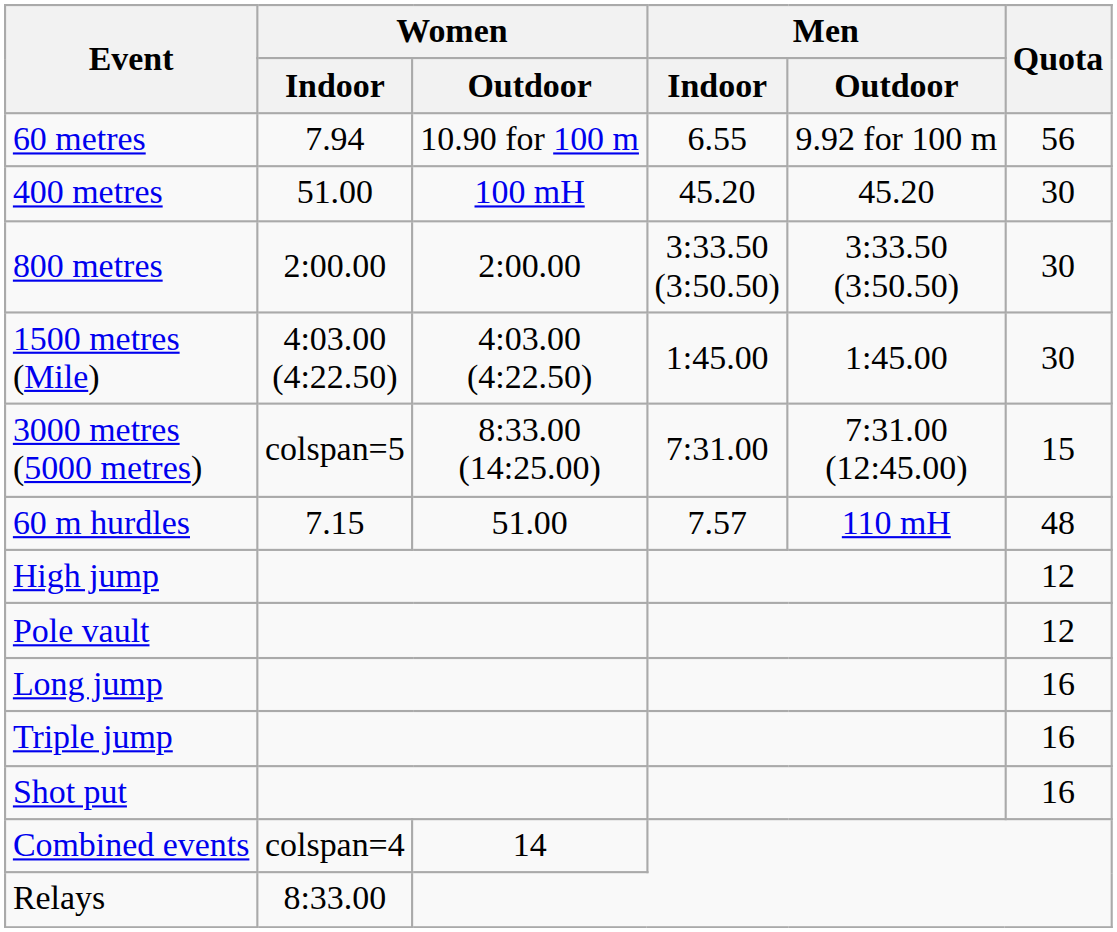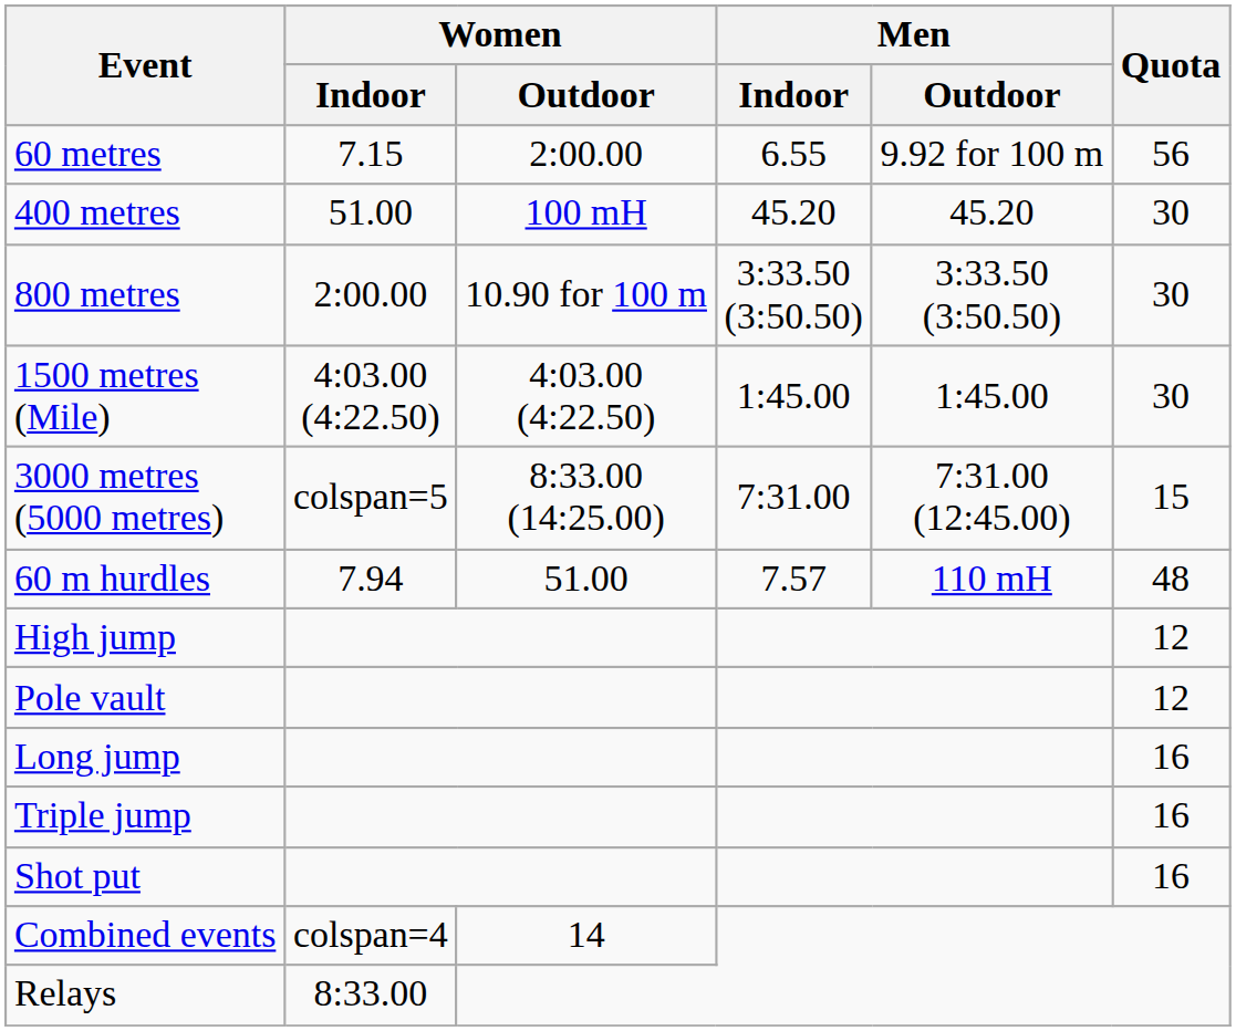 <table class="wikitable mw-datatable mw-collapsible" style="text-align:center;">
 <tr>
 <th rowspan=2>Event</th>
 <th colspan=2>Women</th>
 <th colspan=2>Men</th>
 <th rowspan=2>Quota</th>
 </tr>
 <tr>
 <th>Indoor</th>
 <th>Outdoor</th>
 <th>Indoor</th>
 <th>Outdoor</th>
 </tr>
 <tr>
 <td align=left><a href='#'>60 metres</a></td>
-<td>7.94</td>
-<td>10.90 for <a href='#'>100 m</a></td>
+<td>7.15</td>
+<td>2:00.00</td>
 <td>6.55</td>
 <td>9.92 for 100 m</td>
 <td>56</td>
 </tr>
 <tr>
 <td align=left><a href='#'>400 metres</a></td>
 <td>51.00</td>
 <td><a href='#'>100 mH</a></td>
 <td>45.20</td>
 <td>45.20</td>
 <td>30</td>
 </tr>
 <tr>
 <td align=left><a href='#'>800 metres</a></td>
 <td>2:00.00</td>
-<td>2:00.00</td>
+<td>10.90 for <a href='#'>100 m</a></td>
 <td>3:33.50<br>(3:50.50)</td>
 <td>3:33.50<br>(3:50.50)</td>
 <td>30</td>
 </tr>
 <tr>
 <td align=left><a href='#'>1500 metres</a><br>(<a href='#'>Mile</a>)</td>
 <td>4:03.00<br>(4:22.50)</td>
 <td>4:03.00<br>(4:22.50)</td>
 <td>1:45.00</td>
 <td>1:45.00</td>
 <td>30</td>
 </tr>
 <tr>
 <td align=left><a href='#'>3000 metres</a><br>(<a href='#'>5000 metres</a>)</td>
 <td>colspan=5 </td>
 <td>8:33.00<br>(14:25.00)</td>
 <td>7:31.00</td>
 <td>7:31.00<br>(12:45.00)</td>
 <td>15</td>
 </tr>
 <tr>
 <td align=left><a href='#'>60 m hurdles</a></td>
-<td>7.15</td>
+<td>7.94</td>
 <td>51.00</td>
 <td>7.57</td>
 <td><a href='#'>110 mH</a></td>
 <td>48</td>
 </tr>
 <tr>
 <td align=left><a href='#'>High jump</a></td>
 <td colspan=2></td>
 <td colspan=2></td>
 <td>12</td>
 </tr>
 <tr>
 <td align=left><a href='#'>Pole vault</a></td>
 <td colspan=2></td>
 <td colspan=2></td>
 <td>12</td>
 </tr>
 <tr>
 <td align=left><a href='#'>Long jump</a></td>
 <td colspan=2></td>
 <td colspan=2></td>
 <td>16</td>
 </tr>
 <tr>
 <td align=left><a href='#'>Triple jump</a></td>
 <td colspan=2></td>
 <td colspan=2></td>
 <td>16</td>
 </tr>
 <tr>
 <td align=left><a href='#'>Shot put</a></td>
 <td colspan=2></td>
 <td colspan=2></td>
 <td>16</td>
 </tr>
 <tr>
 <td align=left><a href='#'>Combined events</a></td>
 <td>colspan=4 </td>
 <td>14</td>
 </tr>
 <tr>
 <td align=left>Relays</td>
 <td>8:33.00</td>
 </tr>
 </table>
